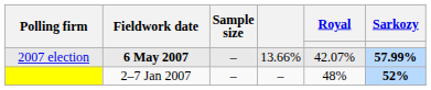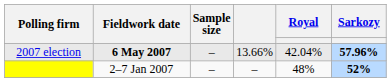 <table class="wikitable sortable" style="text-align:center;font-size:90%;line-height:14px;">
 <tr style="height:40px;">
 <th style="width:100px;" rowspan="2">Polling firm</th>
 <th style="width:110px;" rowspan="2">Fieldwork date</th>
 <th style="width:35px;" rowspan="2">Sample<br>size</th>
 <th style="width:30px;" rowspan="2"></th>
 <th class="unsortable" style="width:60px;"><a href='#'>Royal</a><br></th>
 <th class="unsortable" style="width:60px;"><a href='#'>Sarkozy</a><br></th>
 </tr>
 <tr>
 <th style="background:"></th>
 <th style="background:"></th>
 </tr>
 <tr style="background:#E9E9E9;">
 <td><a href='#'>2007 election</a></td>
 <td data-sort-value="2007-05-06"><strong>6 May 2007</strong></td>
 <td>–</td>
 <td>13.66%</td>
-<td>42.07%</td>
-<td style="background:#B9DAFF;"><strong>57.99%</strong></td>
+<td>42.04%</td>
+<td style="background:#B9DAFF;"><strong>57.96%</strong></td>
 </tr>
 <tr>
 <td style="background:yellow;"></td>
 <td data-sort-value="2007-01-07">2–7 Jan 2007</td>
 <td>–</td>
 <td>–</td>
 <td>48%</td>
 <td style="background:#B9DAFF;"><strong>52%</strong></td>
 </tr>
 </table>
